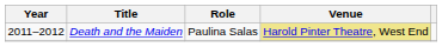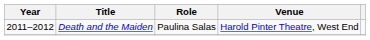 <table class="wikitable">
 <tr>
 <th>Year</th>
 <th>Title</th>
 <th>Role</th>
 <th>Venue</th>
 <th class="unsortable"></th>
 </tr>
 <tr>
 <td>2011–2012</td>
 <td><em><a href='#'>Death and the Maiden</a></em></td>
 <td>Paulina Salas</td>
-<td style="background: khaki;"><a href='#'>Harold Pinter Theatre</a>, West End</td>
+<td><a href='#'>Harold Pinter Theatre</a>, West End</td>
 <td></td>
 </tr>
 <tr>
 </tr>
 </table>
